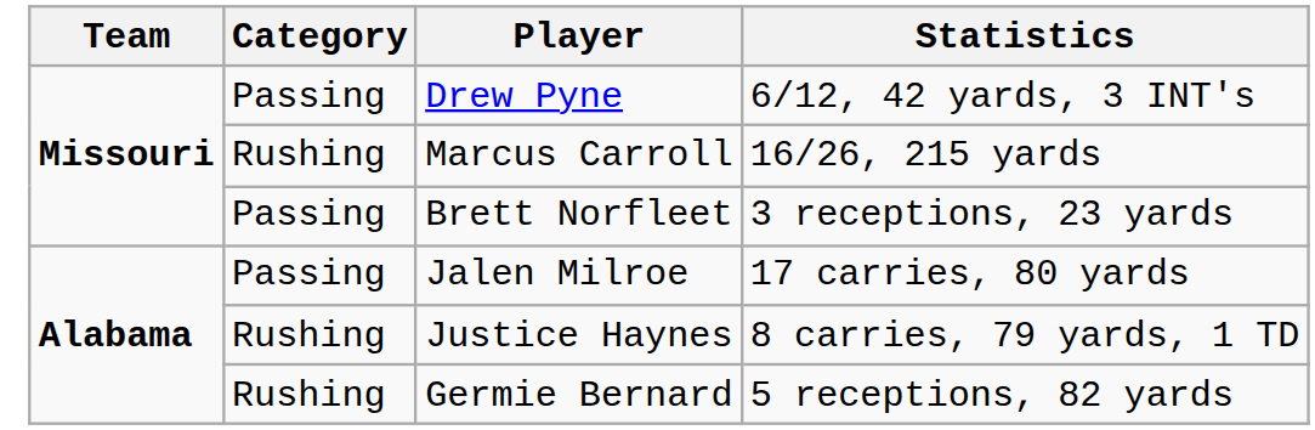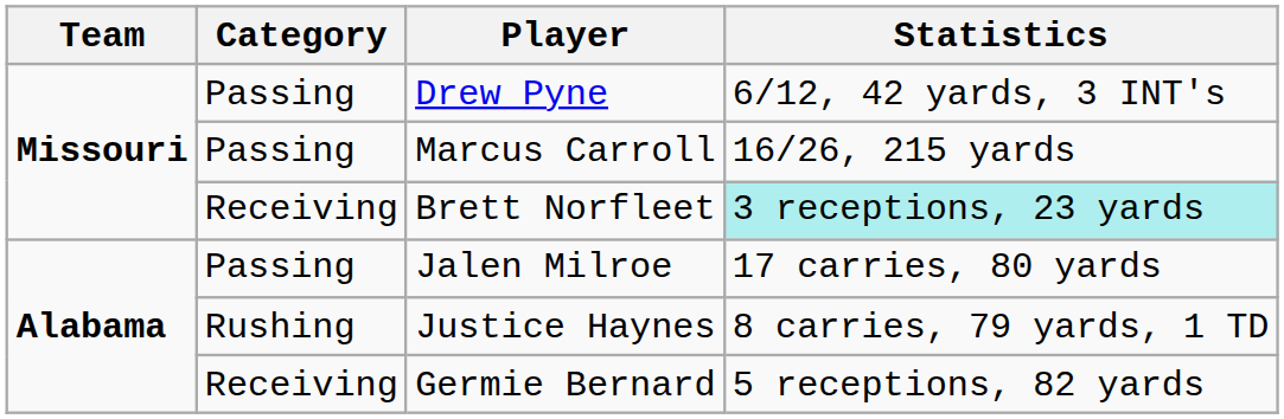 <table class="wikitable" style="float: right;">
 <tr>
 <th>Team</th>
 <th>Category</th>
 <th>Player</th>
 <th>Statistics</th>
 </tr>
 <tr>
 <td rowspan=3><strong>Missouri</strong></td>
 <td>Passing</td>
 <td><a href='#'>Drew Pyne</a></td>
 <td>6/12, 42 yards, 3 INT's</td>
 </tr>
 <tr>
-<td>Rushing</td>
+<td>Passing</td>
 <td>Marcus Carroll</td>
 <td>16/26, 215 yards</td>
 </tr>
 <tr>
-<td>Passing</td>
+<td>Receiving</td>
 <td>Brett Norfleet</td>
-<td>3 receptions, 23 yards</td>
+<td style="background: paleturquoise;">3 receptions, 23 yards</td>
 </tr>
 <tr>
 <td rowspan=3><strong>Alabama</strong></td>
 <td>Passing</td>
 <td>Jalen Milroe</td>
 <td>17 carries, 80 yards</td>
 </tr>
 <tr>
 <td>Rushing</td>
 <td>Justice Haynes</td>
 <td>8 carries, 79 yards, 1 TD</td>
 </tr>
 <tr>
-<td>Rushing</td>
+<td>Receiving</td>
 <td>Germie Bernard</td>
 <td>5 receptions, 82 yards</td>
 </tr>
 </table>
